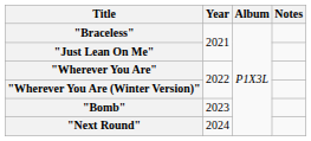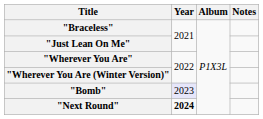 <table class="wikitable plainrowheaders" style="text-align:center;">
 <tr>
 <th>Title</th>
 <th>Year</th>
 <th>Album</th>
 <th>Notes</th>
 </tr>
 <tr>
 <th scope="row">"Braceless"</th>
 <td rowspan="2">2021</td>
 <td rowspan="6"><em>P1X3L</em></td>
 <td></td>
 </tr>
 <tr>
 <th scope="row">"Just Lean On Me"</th>
 <td></td>
 </tr>
 <tr>
 <th scope="row">"Wherever You Are"</th>
 <td rowspan="2">2022</td>
 <td></td>
 </tr>
 <tr>
 <th scope="row">"Wherever You Are (Winter Version)"</th>
 <td></td>
 </tr>
 <tr>
 <th scope="row">"Bomb"</th>
-<td>2023</td>
+<td style="background: lavender;">2023</td>
 <td></td>
 </tr>
 <tr>
 <th scope="row">"Next Round"</th>
-<td>2024</td>
+<td><strong>2024</strong></td>
 <td></td>
 </tr>
 </table>
